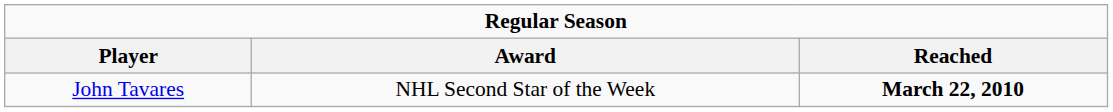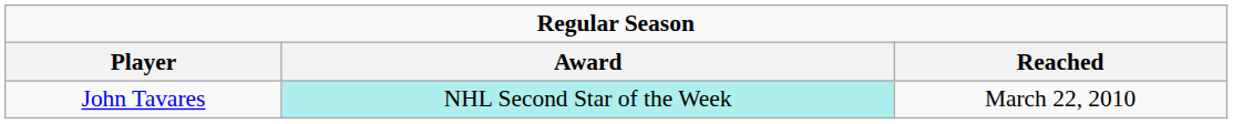 <table class="wikitable" width="52%" style="text-align:center">
 <tr>
 <td colspan="10" align="center"><strong>Regular Season</strong></td>
 </tr>
 <tr>
 <th>Player</th>
 <th>Award</th>
 <th>Reached</th>
 </tr>
 <tr>
 <td><a href='#'>John Tavares</a></td>
-<td>NHL Second Star of the Week</td>
-<td><strong>March 22, 2010</strong></td>
+<td style="background: paleturquoise;">NHL Second Star of the Week</td>
+<td>March 22, 2010</td>
 </tr>
 </table>
